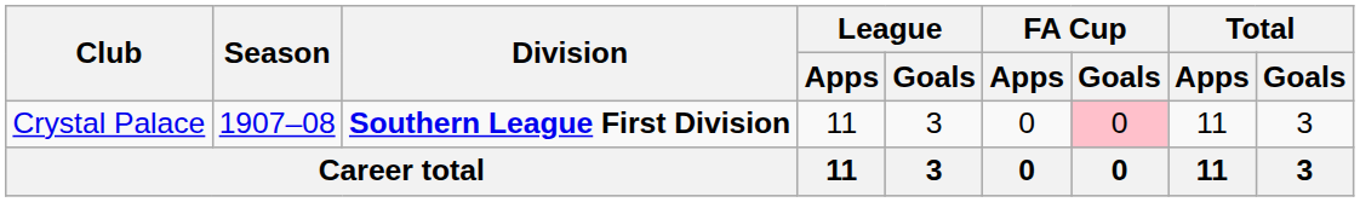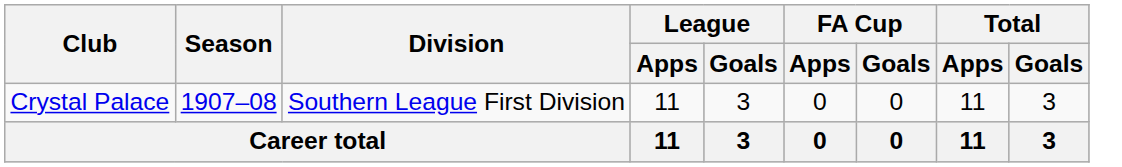 <table class="wikitable" style="text-align:center;">
 <tr>
 <th rowspan="2">Club</th>
 <th rowspan="2">Season</th>
 <th rowspan="2">Division</th>
 <th colspan="2">League</th>
 <th colspan="2">FA Cup</th>
 <th colspan="2">Total</th>
 </tr>
 <tr>
 <th>Apps</th>
 <th>Goals</th>
 <th>Apps</th>
 <th>Goals</th>
 <th>Apps</th>
 <th>Goals</th>
 </tr>
 <tr>
 <td><a href='#'>Crystal Palace</a></td>
 <td><a href='#'>1907–08</a></td>
-<td><strong><a href='#'>Southern League</a> First Division</strong></td>
+<td><a href='#'>Southern League</a> First Division</td>
 <td>11</td>
 <td>3</td>
 <td>0</td>
-<td style="background: pink;">0</td>
+<td>0</td>
 <td>11</td>
 <td>3</td>
 </tr>
 <tr>
 <th colspan="3">Career total</th>
 <th>11</th>
 <th>3</th>
 <th>0</th>
 <th>0</th>
 <th>11</th>
 <th>3</th>
 </tr>
 </table>
